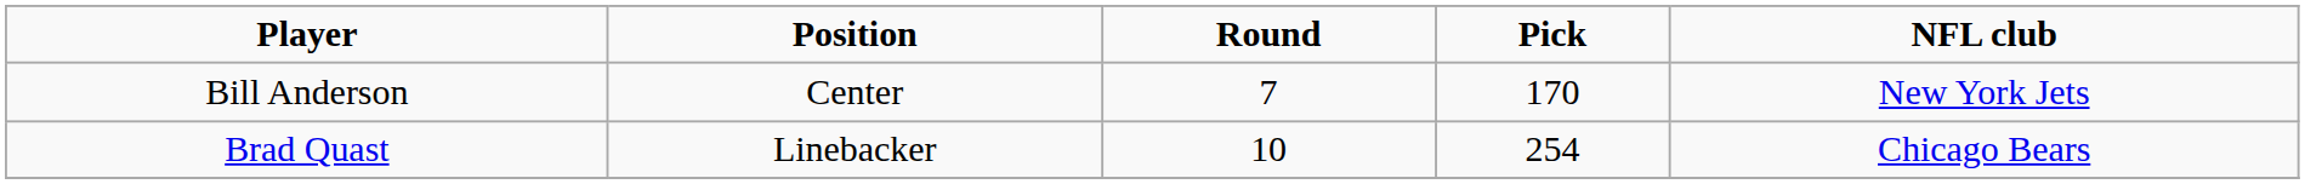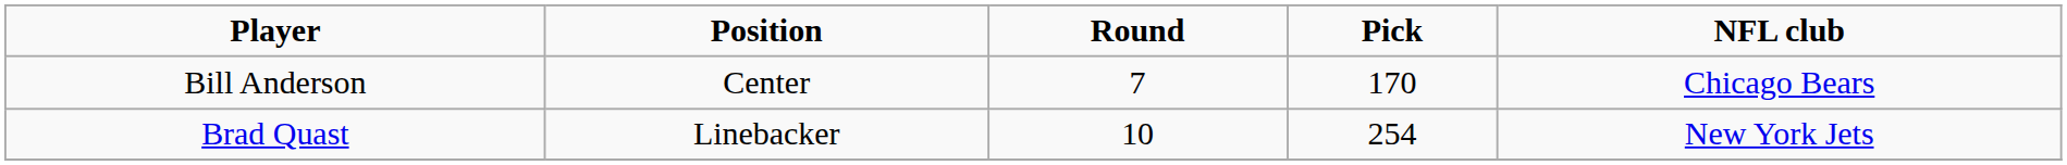 <table class="wikitable" width="80%">
 <tr align="center">
 <td><strong>Player</strong></td>
 <td><strong>Position</strong></td>
 <td><strong>Round</strong></td>
 <td><strong>Pick</strong></td>
 <td><strong>NFL club</strong></td>
 </tr>
 <tr align="center" bgcolor="">
 <td>Bill Anderson</td>
 <td>Center</td>
 <td>7</td>
 <td>170</td>
-<td><a href='#'>New York Jets</a></td>
+<td><a href='#'>Chicago Bears</a></td>
 </tr>
 <tr align="center" bgcolor="">
 <td><a href='#'>Brad Quast</a></td>
 <td>Linebacker</td>
 <td>10</td>
 <td>254</td>
-<td><a href='#'>Chicago Bears</a></td>
+<td><a href='#'>New York Jets</a></td>
 </tr>
 <tr align="center" bgcolor="">
 </tr>
 </table>
